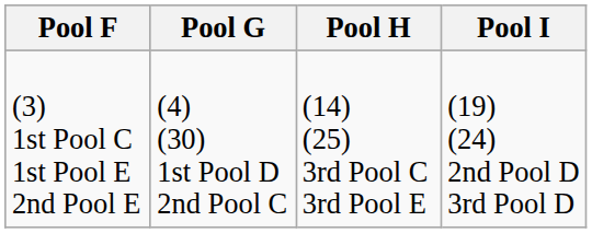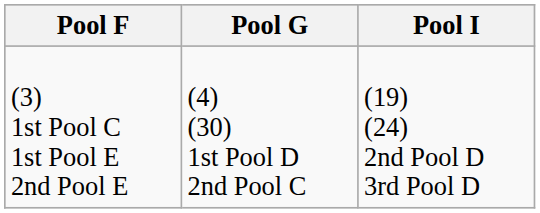 <table class="wikitable">
 <tr>
 <th width=25%>Pool F</th>
 <th width=25%>Pool G</th>
-<th width=25%>Pool H</th>
 <th width=25%>Pool I</th>
 </tr>
 <tr>
 <td><br> (3)<br> 1st Pool C<br> 1st Pool E<br> 2nd Pool E</td>
 <td><br> (4)<br>  (30)<br> 1st Pool D<br> 2nd Pool C</td>
-<td><br> (14)<br>  (25)<br> 3rd Pool C<br> 3rd Pool E</td>
 <td><br> (19)<br>  (24)<br> 2nd Pool D<br> 3rd Pool D</td>
 </tr>
 </table>
